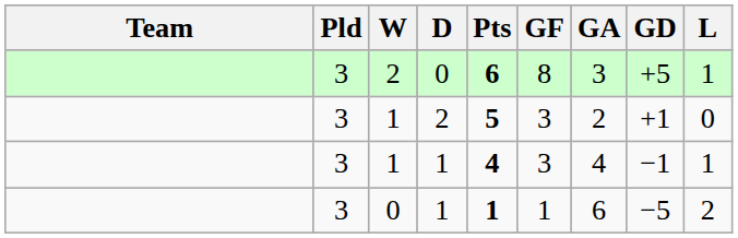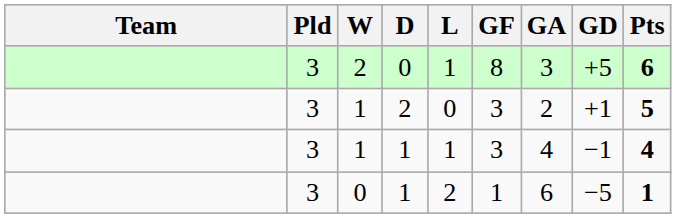 <table class="wikitable" style="text-align: center;">
 <tr>
 <th width=165>Team</th>
 <th width=20>Pld</th>
 <th width=20>W</th>
 <th width=20>D</th>
-<th width=20>Pts</th>
+<th width=20>L</th>
 <th width=20>GF</th>
 <th width=20>GA</th>
 <th width=20>GD</th>
-<th width=20>L</th>
+<th width=20>Pts</th>
 </tr>
 <tr bgcolor=#ccffcc>
 <td align=left></td>
 <td>3</td>
 <td>2</td>
 <td>0</td>
-<td><strong>6</strong></td>
+<td>1</td>
 <td>8</td>
 <td>3</td>
 <td>+5</td>
-<td>1</td>
+<td><strong>6</strong></td>
 </tr>
 <tr>
 <td align=left></td>
 <td>3</td>
 <td>1</td>
 <td>2</td>
-<td><strong>5</strong></td>
+<td>0</td>
 <td>3</td>
 <td>2</td>
 <td>+1</td>
-<td>0</td>
+<td><strong>5</strong></td>
 </tr>
 <tr>
 <td align=left></td>
 <td>3</td>
 <td>1</td>
 <td>1</td>
-<td><strong>4</strong></td>
+<td>1</td>
 <td>3</td>
 <td>4</td>
 <td>−1</td>
-<td>1</td>
+<td><strong>4</strong></td>
 </tr>
 <tr>
 <td align=left></td>
 <td>3</td>
 <td>0</td>
 <td>1</td>
-<td><strong>1</strong></td>
+<td>2</td>
 <td>1</td>
 <td>6</td>
 <td>−5</td>
-<td>2</td>
+<td><strong>1</strong></td>
 </tr>
 </table>
